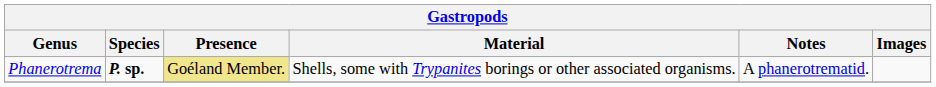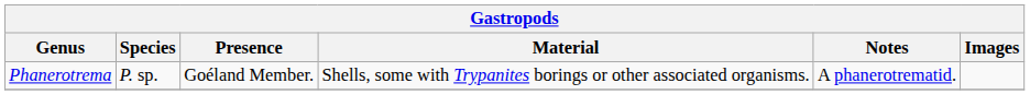 <table class="wikitable" align="center">
 <tr>
 <th colspan="6" align="center"><strong><a href='#'>Gastropods</a></strong></th>
 </tr>
 <tr>
 <th>Genus</th>
 <th>Species</th>
 <th>Presence</th>
 <th><strong>Material</strong></th>
 <th>Notes</th>
 <th>Images</th>
 </tr>
 <tr>
 <td><em><a href='#'>Phanerotrema</a></em></td>
-<td><strong><em>P.</em> sp.</strong></td>
-<td style="background: khaki;">Goéland Member.</td>
+<td><em>P.</em> sp.</td>
+<td>Goéland Member.</td>
 <td>Shells, some with <em><a href='#'>Trypanites</a></em> borings or other associated organisms.</td>
 <td>A <a href='#'>phanerotrematid</a>.</td>
 <td></td>
 </tr>
 <tr>
 </tr>
 </table>
